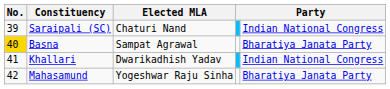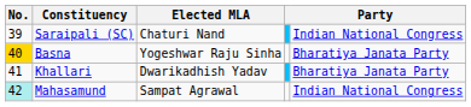 <table class="wikitable sortable">
 <tr>
 <th>No.</th>
 <th>Constituency</th>
 <th>Elected MLA</th>
 <th colspan="2">Party</th>
 </tr>
 <tr>
 <td>39</td>
 <td><a href='#'>Saraipali (SC)</a></td>
 <td>Chaturi Nand</td>
 <td bgcolor="#00BFFF"></td>
 <td><a href='#'>Indian National Congress</a></td>
 </tr>
 <tr>
 <td style="background: gold;">40</td>
 <td><a href='#'>Basna</a></td>
-<td>Sampat Agrawal</td>
+<td>Yogeshwar Raju Sinha</td>
 <td style="background-color: "></td>
 <td><a href='#'>Bharatiya Janata Party</a></td>
 </tr>
 <tr>
 <td>41</td>
 <td><a href='#'>Khallari</a></td>
 <td>Dwarikadhish Yadav</td>
 <td bgcolor="#00BFFF"></td>
+<td><a href='#'>Bharatiya Janata Party</a></td>
+</tr>
+<tr>
+<td style="background: paleturquoise;">42</td>
+<td><a href='#'>Mahasamund</a></td>
+<td>Sampat Agrawal</td>
+<td style="background-color: "></td>
 <td><a href='#'>Indian National Congress</a></td>
 </tr>
-<tr>
-<td>42</td>
-<td><a href='#'>Mahasamund</a></td>
-<td>Yogeshwar Raju Sinha</td>
-<td style="background-color: "></td>
-<td><a href='#'>Bharatiya Janata Party</a></td>
-</tr>
 </table>
